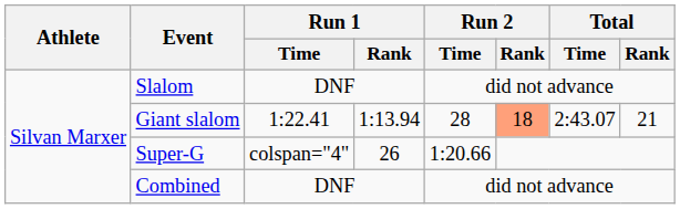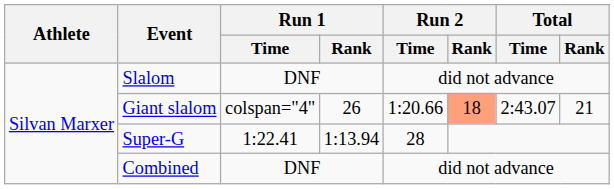 <table class="wikitable" style="font-size:90%">
 <tr>
 <th rowspan=2>Athlete</th>
 <th rowspan=2>Event</th>
 <th colspan=2>Run 1</th>
 <th colspan=2>Run 2</th>
 <th colspan=2>Total</th>
 </tr>
 <tr style="font-size:95%">
 <th>Time</th>
 <th>Rank</th>
 <th>Time</th>
 <th>Rank</th>
 <th>Time</th>
 <th>Rank</th>
 </tr>
 <tr align=center>
 <td align="left" rowspan="4"><a href='#'>Silvan Marxer</a></td>
 <td align="left"><a href='#'>Slalom</a></td>
 <td colspan=2>DNF</td>
 <td colspan=4>did not advance</td>
 </tr>
 <tr align=center>
 <td align="left"><a href='#'>Giant slalom</a></td>
-<td>1:22.41</td>
-<td>1:13.94</td>
-<td>28</td>
+<td>colspan="4" </td>
+<td>26</td>
+<td>1:20.66</td>
 <td style="background: lightsalmon;">18</td>
 <td>2:43.07</td>
 <td>21</td>
 </tr>
 <tr align=center>
 <td align="left"><a href='#'>Super-G</a></td>
-<td>colspan="4" </td>
-<td>26</td>
-<td>1:20.66</td>
+<td>1:22.41</td>
+<td>1:13.94</td>
+<td>28</td>
 </tr>
 <tr align=center>
 <td align="left"><a href='#'>Combined</a></td>
 <td colspan=2>DNF</td>
 <td colspan=4>did not advance</td>
 </tr>
 </table>
